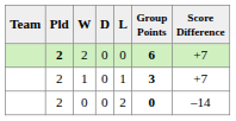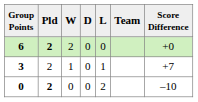 <table style=border-collapse:collapse border=1 cellspacing=0 cellpadding=5>
 <tr align=center bgcolor=#efefef>
-<th>Team</th>
+<th><small>Group<br>Points</small></th>
 <th>Pld</th>
 <th>W</th>
 <th>D</th>
 <th>L</th>
-<th><small>Group<br>Points</small></th>
+<th>Team</th>
 <th><small>Score<br>Difference</small></th>
 </tr>
 <tr align=center style="background:#D0F0C0;">
-<td style="text-align:left;"> </td>
+<td><strong>6</strong></td>
 <td><strong>2</strong></td>
 <td>2</td>
 <td>0</td>
 <td>0</td>
-<td><strong>6</strong></td>
-<td>+7</td>
+<td style="text-align:left;"> </td>
+<td>+0</td>
 </tr>
 <tr align=center style="background:#ffffff;">
-<td style="text-align:left;"> </td>
+<td><strong>3</strong></td>
 <td>2</td>
 <td>1</td>
 <td>0</td>
 <td>1</td>
-<td><strong>3</strong></td>
+<td style="text-align:left;"> </td>
 <td>+7</td>
 </tr>
 <tr align=center style="background:#ffffff;">
-<td style="text-align:left;"> </td>
-<td>2</td>
+<td><strong>0</strong></td>
+<td><strong>2</strong></td>
 <td>0</td>
 <td>0</td>
 <td>2</td>
-<td><strong>0</strong></td>
-<td>–14</td>
+<td style="text-align:left;"> </td>
+<td>–10</td>
 </tr>
 </table>
